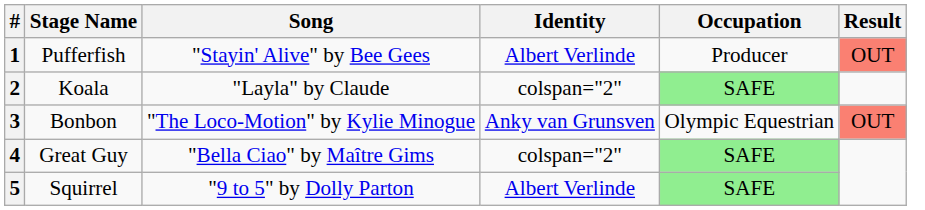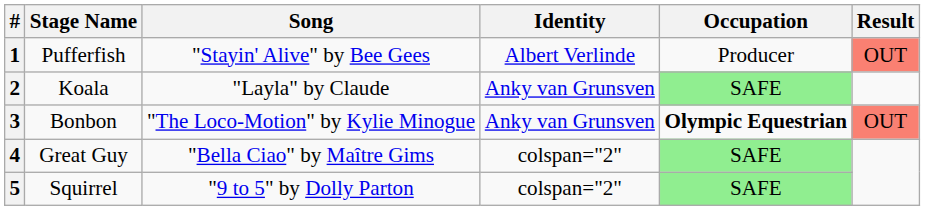 <table class="wikitable plainrowheaders" style="text-align: center;">
 <tr>
 <th><strong>#</strong></th>
 <th><strong>Stage Name</strong></th>
 <th><strong>Song</strong></th>
 <th>Identity</th>
 <th><strong>Occupation</strong></th>
 <th>Result</th>
 </tr>
 <tr>
 <th>1</th>
 <td>Pufferfish</td>
 <td>"<a href='#'>Stayin' Alive</a>" by <a href='#'>Bee Gees</a></td>
 <td><a href='#'>Albert Verlinde</a></td>
 <td>Producer</td>
 <td bgcolor="salmon">OUT</td>
 </tr>
 <tr>
 <th>2</th>
 <td>Koala</td>
 <td>"Layla" by Claude</td>
-<td>colspan="2" </td>
+<td><a href='#'>Anky van Grunsven</a></td>
 <td bgcolor="lightgreen">SAFE</td>
 </tr>
 <tr>
 <th>3</th>
 <td>Bonbon</td>
 <td>"<a href='#'>The Loco-Motion</a>" by <a href='#'>Kylie Minogue</a></td>
 <td><a href='#'>Anky van Grunsven</a></td>
-<td>Olympic Equestrian</td>
+<td><strong>Olympic Equestrian</strong></td>
 <td bgcolor=salmon>OUT</td>
 </tr>
 <tr>
 <th>4</th>
 <td>Great Guy</td>
 <td>"<a href='#'>Bella Ciao</a>" by <a href='#'>Maître Gims</a></td>
 <td>colspan="2" </td>
 <td bgcolor="lightgreen">SAFE</td>
 </tr>
 <tr>
 <th>5</th>
 <td>Squirrel</td>
 <td>"<a href='#'>9 to 5</a>" by <a href='#'>Dolly Parton</a></td>
-<td><a href='#'>Albert Verlinde</a></td>
+<td>colspan="2" </td>
 <td bgcolor="lightgreen">SAFE</td>
 </tr>
 </table>
